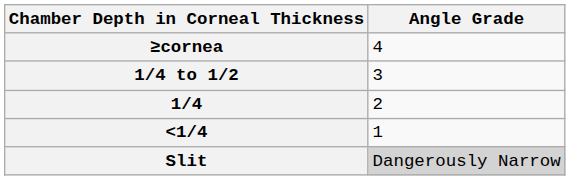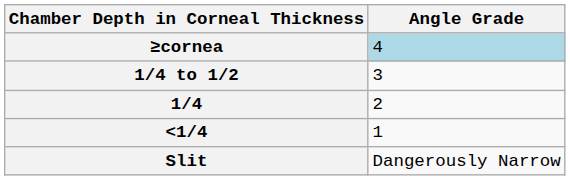 <table class="wikitable">
 <tr>
 <th scope="col">Chamber Depth in Corneal Thickness</th>
 <th scope="col">Angle Grade</th>
 </tr>
 <tr>
 <th scope="row">≥cornea</th>
-<td>4</td>
+<td style="background: lightblue;">4</td>
 </tr>
 <tr>
 <th scope="row">1/4 to 1/2</th>
 <td>3</td>
 </tr>
 <tr>
 <th scope="row">1/4</th>
 <td>2</td>
 </tr>
 <tr>
 <th scope="row"><1/4</th>
 <td>1</td>
 </tr>
 <tr>
 <th scope="row">Slit</th>
-<td style="background: lightgrey;">Dangerously Narrow</td>
+<td>Dangerously Narrow</td>
 </tr>
 </table>
